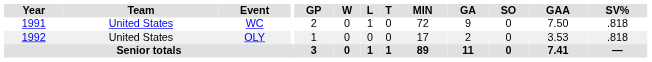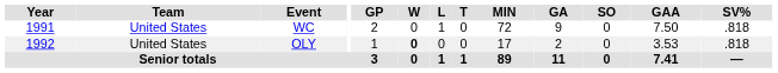 <table border="0" cellpadding="1" cellspacing="0" ID="Table3" style="text-align:center; width:60em">
 <tr ALIGN="center" bgcolor="#e0e0e0">
 <th>Year</th>
 <th>Team</th>
 <th>Event</th>
 <th rowspan="99" bgcolor="#ffffff"></th>
 <th>GP</th>
 <th>W</th>
 <th>L</th>
 <th>T</th>
 <th>MIN</th>
 <th>GA</th>
 <th>SO</th>
 <th>GAA</th>
 <th>SV%</th>
 </tr>
 <tr>
 <td><a href='#'>1991</a></td>
 <td><a href='#'>United States</a></td>
 <td><a href='#'>WC</a></td>
 <td>2</td>
 <td>0</td>
 <td>1</td>
 <td>0</td>
 <td>72</td>
 <td>9</td>
 <td>0</td>
 <td>7.50</td>
 <td>.818</td>
 </tr>
 <tr bgcolor="#f0f0f0">
 <td><a href='#'>1992</a></td>
 <td>United States</td>
 <td><a href='#'>OLY</a></td>
 <td>1</td>
-<td>0</td>
+<td><strong>0</strong></td>
 <td>0</td>
 <td>0</td>
 <td>17</td>
 <td>2</td>
 <td>0</td>
 <td>3.53</td>
 <td>.818</td>
 </tr>
 <tr bgcolor="#e0e0e0">
 <th colspan=4>Senior totals</th>
 <th>3</th>
 <th>0</th>
 <th>1</th>
 <th>1</th>
 <th>89</th>
 <th>11</th>
 <th>0</th>
 <th>7.41</th>
 <th>—</th>
 </tr>
 </table>
